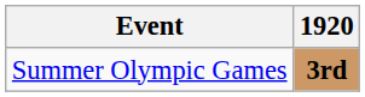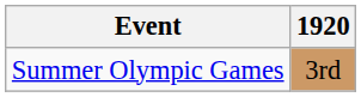 <table class="wikitable">
 <tr>
 <th>Event</th>
 <th>1920</th>
 </tr>
 <tr>
 <td><a href='#'>Summer Olympic Games</a></td>
-<td align="center" bgcolor="cc9966"><strong>3rd</strong></td>
+<td align="center" bgcolor="cc9966">3rd</td>
 </tr>
 </table>
